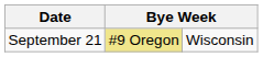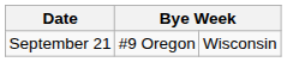 <table class="wikitable" style="font-size:95%;">
 <tr>
 <th>Date</th>
 <th colspan="2">Bye Week</th>
 </tr>
 <tr>
 <td>September 21</td>
-<td style="background: khaki;">#9 Oregon</td>
+<td>#9 Oregon</td>
 <td>Wisconsin</td>
 </tr>
 </table>
